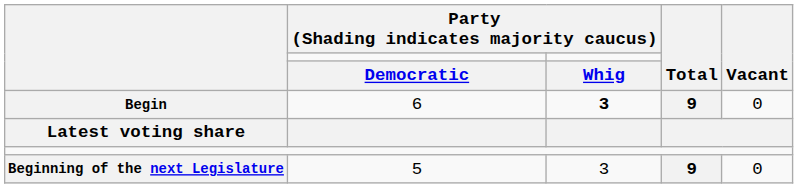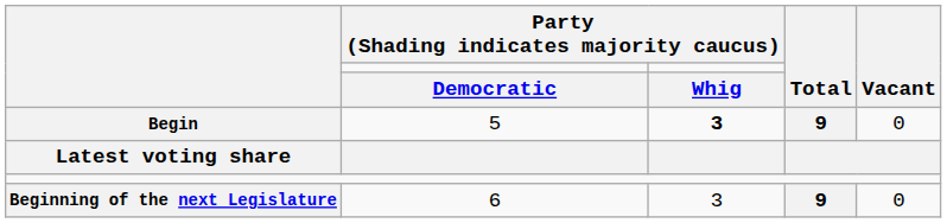 <table class=wikitable style="text-align:center">
 <tr style="vertical-align:bottom;">
 <th rowspan=3></th>
 <th colspan=2>Party <div>(Shading indicates majority caucus)</div></th>
 <th rowspan=3>Total</th>
 <th rowspan=3>Vacant</th>
 </tr>
 <tr style="height:5px">
 <td style="background-color:"></td>
 <td style="background-color:"></td>
 </tr>
 <tr>
 <th><a href='#'>Democratic</a></th>
 <th><a href='#'>Whig</a></th>
 </tr>
 <tr>
 <th style="font-size:80%">Begin</th>
-<td>6</td>
+<td>5</td>
 <td><strong>3</strong></td>
 <th>9</th>
 <td>0</td>
 </tr>
 <tr>
 <th>Latest voting share</th>
 <th></th>
 <th></th>
 <th colspan=2></th>
 </tr>
 <tr>
 <td colspan=5></td>
 </tr>
 <tr>
 <th style="white-space:nowrap; font-size:80%;">Beginning of the <a href='#'>next Legislature</a></th>
-<td>5</td>
+<td>6</td>
 <td>3</td>
 <th>9</th>
 <td>0</td>
 </tr>
 </table>
